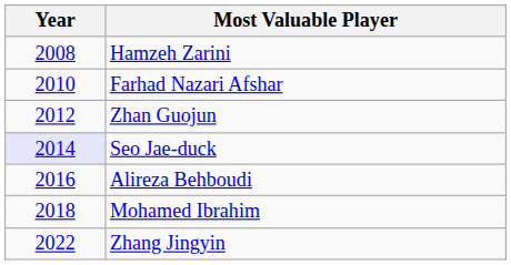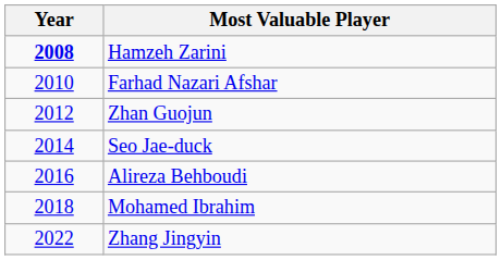 <table class="wikitable" style="width: 400px;">
 <tr>
 <th style="width: 20%;">Year</th>
 <th style="width: 80%;">Most Valuable Player</th>
 </tr>
 <tr>
-<td align=center><a href='#'>2008</a></td>
+<td align=center><strong><a href='#'>2008</a></strong></td>
 <td> <a href='#'>Hamzeh Zarini</a></td>
 </tr>
 <tr>
 <td align=center><a href='#'>2010</a></td>
 <td> <a href='#'>Farhad Nazari Afshar</a></td>
 </tr>
 <tr>
 <td align=center><a href='#'>2012</a></td>
 <td> <a href='#'>Zhan Guojun</a></td>
 </tr>
 <tr>
-<td align=center style="background: lavender;"><a href='#'>2014</a></td>
+<td align=center><a href='#'>2014</a></td>
 <td> <a href='#'>Seo Jae-duck</a></td>
 </tr>
 <tr>
 <td align=center><a href='#'>2016</a></td>
 <td> <a href='#'>Alireza Behboudi</a></td>
 </tr>
 <tr>
 <td align=center><a href='#'>2018</a></td>
 <td> <a href='#'>Mohamed Ibrahim</a></td>
 </tr>
 <tr>
 <td align=center><a href='#'>2022</a></td>
 <td> <a href='#'>Zhang Jingyin</a></td>
 </tr>
 </table>
